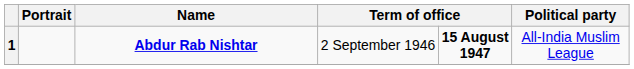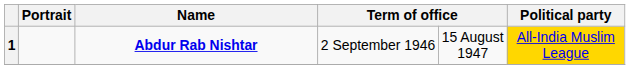 <table class="wikitable" style="text-align:center">
 <tr>
 <th></th>
 <th>Portrait</th>
 <th style="width:17em">Name</th>
 <th colspan="2">Term of office</th>
 <th style="width:8em">Political party</th>
 </tr>
 <tr>
 <th>1</th>
 <td></td>
 <td><strong><a href='#'>Abdur Rab Nishtar</a></strong></td>
 <td>2 September 1946</td>
-<td><strong>15 August<br>1947</strong></td>
-<td><a href='#'>All-India Muslim League</a></td>
+<td>15 August<br>1947</td>
+<td style="background: gold;"><a href='#'>All-India Muslim League</a></td>
 </tr>
 <tr>
 </tr>
 </table>
